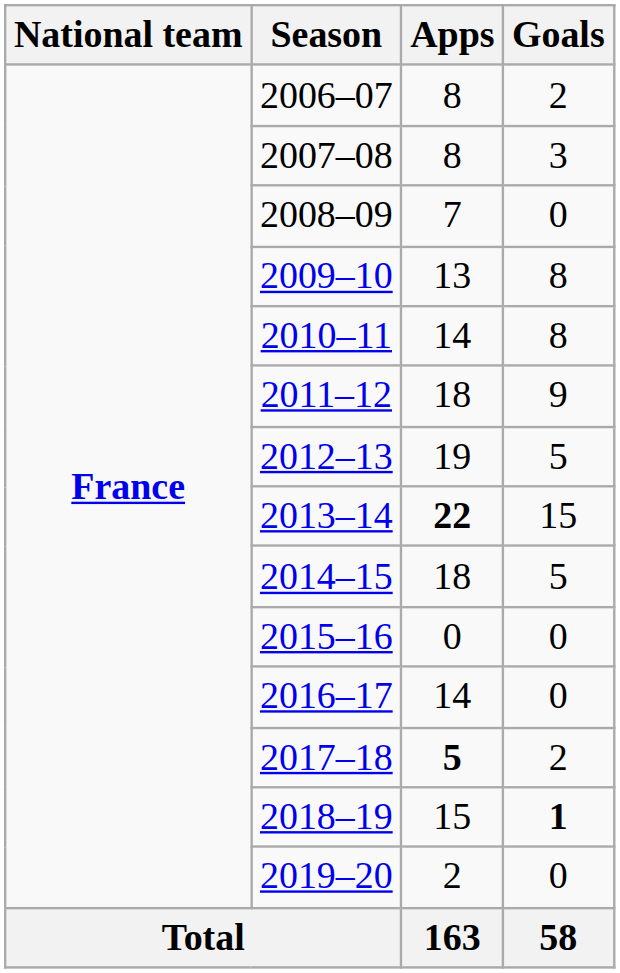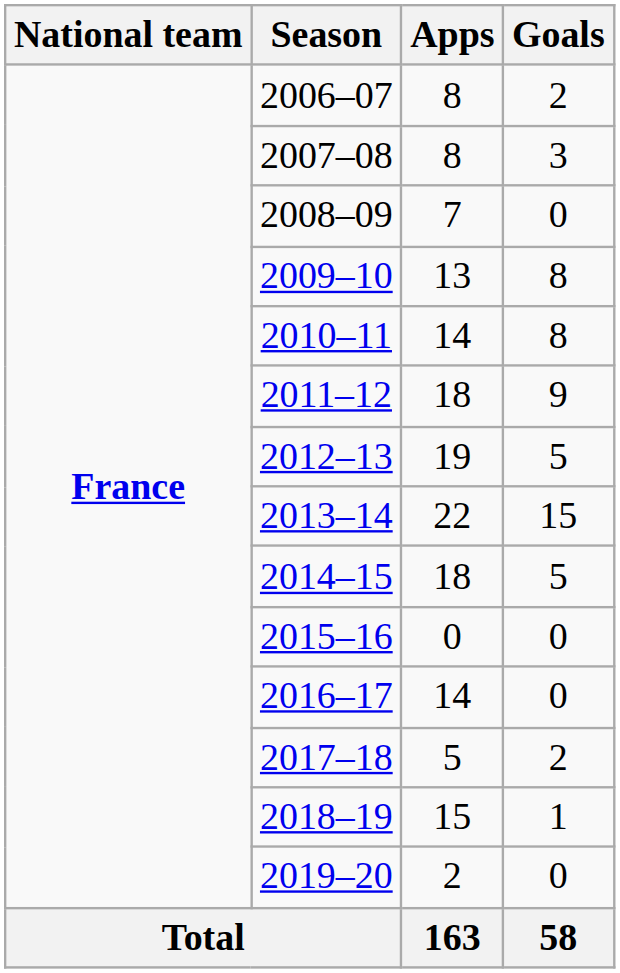 <table class="wikitable" style="text-align:center">
 <tr>
 <th>National team</th>
 <th>Season</th>
 <th>Apps</th>
 <th>Goals</th>
 </tr>
 <tr>
 <td rowspan=14 valign="center"><strong><a href='#'>France</a></strong></td>
 <td>2006–07</td>
 <td>8</td>
 <td>2</td>
 </tr>
 <tr>
 <td>2007–08</td>
 <td>8</td>
 <td>3</td>
 </tr>
 <tr>
 <td>2008–09</td>
 <td>7</td>
 <td>0</td>
 </tr>
 <tr>
 <td><a href='#'>2009–10</a></td>
 <td>13</td>
 <td>8</td>
 </tr>
 <tr>
 <td><a href='#'>2010–11</a></td>
 <td>14</td>
 <td>8</td>
 </tr>
 <tr>
 <td><a href='#'>2011–12</a></td>
 <td>18</td>
 <td>9</td>
 </tr>
 <tr>
 <td><a href='#'>2012–13</a></td>
 <td>19</td>
 <td>5</td>
 </tr>
 <tr>
 <td><a href='#'>2013–14</a></td>
-<td><strong>22</strong></td>
+<td>22</td>
 <td>15</td>
 </tr>
 <tr>
 <td><a href='#'>2014–15</a></td>
 <td>18</td>
 <td>5</td>
 </tr>
 <tr>
 <td><a href='#'>2015–16</a></td>
 <td>0</td>
 <td>0</td>
 </tr>
 <tr>
 <td><a href='#'>2016–17</a></td>
 <td>14</td>
 <td>0</td>
 </tr>
 <tr>
 <td><a href='#'>2017–18</a></td>
-<td><strong>5</strong></td>
+<td>5</td>
 <td>2</td>
 </tr>
 <tr>
 <td><a href='#'>2018–19</a></td>
 <td>15</td>
-<td><strong>1</strong></td>
+<td>1</td>
 </tr>
 <tr>
 <td><a href='#'>2019–20</a></td>
 <td>2</td>
 <td>0</td>
 </tr>
 <tr>
 <th colspan=2>Total</th>
 <th>163</th>
 <th>58</th>
 </tr>
 </table>
